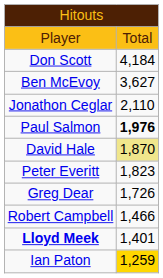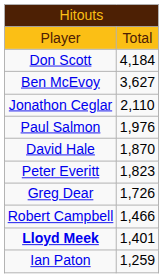 <table class="wikitable" style="text-align:center;">
 <tr>
 <td colspan="2" style="text-align:center; background: #4D2004; color: #FBBF15">Hitouts</td>
 </tr>
 <tr>
 <td style="text-align:center; background: #FBBF15; color: #4D2004">Player</td>
 <td style="text-align:center; background: #FBBF15; color: #4D2004">Total</td>
 </tr>
 <tr>
 <td><a href='#'>Don Scott</a></td>
 <td>4,184</td>
 </tr>
 <tr>
 <td><a href='#'>Ben McEvoy</a></td>
 <td>3,627</td>
 </tr>
 <tr>
 <td><a href='#'>Jonathon Ceglar</a></td>
 <td>2,110</td>
 </tr>
 <tr>
 <td><a href='#'>Paul Salmon</a></td>
-<td><strong>1,976</strong></td>
+<td>1,976</td>
 </tr>
 <tr>
 <td><a href='#'>David Hale</a></td>
-<td style="background: khaki;">1,870</td>
+<td>1,870</td>
 </tr>
 <tr>
 <td><a href='#'>Peter Everitt</a></td>
 <td>1,823</td>
 </tr>
 <tr>
 <td><a href='#'>Greg Dear</a></td>
 <td>1,726</td>
 </tr>
 <tr>
 <td><a href='#'>Robert Campbell</a></td>
 <td>1,466</td>
 </tr>
 <tr>
 <td><strong><a href='#'>Lloyd Meek</a></strong></td>
 <td>1,401</td>
 </tr>
 <tr>
 <td><a href='#'>Ian Paton</a></td>
-<td style="background: gold;">1,259</td>
+<td>1,259</td>
 </tr>
 </table>
